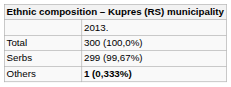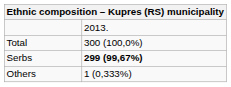 <table class="wikitable">
 <tr>
 <th colspan="8">Ethnic composition – Kupres (RS) municipality</th>
 </tr>
 <tr>
 <td></td>
 <td>2013.</td>
 </tr>
 <tr>
 <td>Total</td>
 <td>300 (100,0%)</td>
 </tr>
 <tr>
 <td>Serbs</td>
-<td>299 (99,67%)</td>
+<td><strong>299 (99,67%)</strong></td>
 </tr>
 <tr>
 <td>Others</td>
-<td><strong>1 (0,333%)</strong></td>
+<td>1 (0,333%)</td>
 </tr>
 </table>
